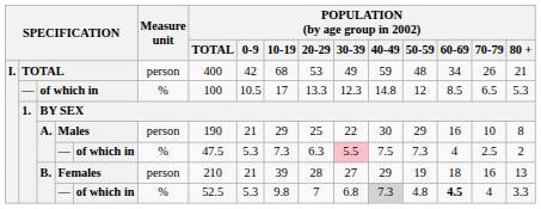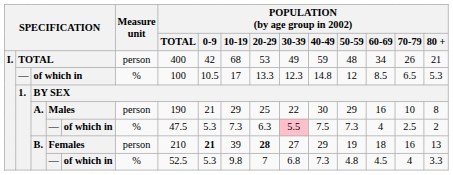 <table class="wikitable" style="font-size:85%; text-align:center">
 <tr>
 <th rowspan="2" colspan="5">SPECIFICATION</th>
 <th rowspan="2">Measure<br> unit</th>
 <th colspan="10" rowspan="1">POPULATION<br> (by age group in 2002)</th>
 </tr>
 <tr>
 <th>TOTAL</th>
 <th>0-9</th>
 <th>10-19</th>
 <th>20-29</th>
 <th>30-39</th>
 <th>40-49</th>
 <th>50-59</th>
 <th>60-69</th>
 <th>70-79</th>
 <th>80 +</th>
 </tr>
 <tr>
 <th style="text-align:left" valign="top" rowspan="7">I.</th>
 <th style="text-align:left" colspan="4">TOTAL</th>
 <td>person</td>
 <td>400</td>
 <td>42</td>
 <td>68</td>
 <td>53</td>
 <td>49</td>
 <td>59</td>
 <td>48</td>
 <td>34</td>
 <td>26</td>
 <td>21</td>
 </tr>
 <tr>
 <th style="text-align:left" valign="top">—</th>
 <th style="text-align:left" colspan="3">of which in</th>
 <td>%</td>
 <td>100</td>
 <td>10.5</td>
 <td>17</td>
 <td>13.3</td>
 <td>12.3</td>
 <td>14.8</td>
 <td>12</td>
 <td>8.5</td>
 <td>6.5</td>
 <td>5.3</td>
 </tr>
 <tr>
 <th style="text-align:left" valign="top" rowspan="5">1.</th>
 <th style="text-align:left" colspan="14">BY SEX</th>
 </tr>
 <tr>
 <th style="text-align:left" valign="top" rowspan="2">A.</th>
 <th style="text-align:left" colspan="2">Males</th>
 <td>person</td>
 <td>190</td>
 <td>21</td>
 <td>29</td>
 <td>25</td>
 <td>22</td>
 <td>30</td>
 <td>29</td>
 <td>16</td>
 <td>10</td>
 <td>8</td>
 </tr>
 <tr>
 <th style="text-align:left" valign="top">—</th>
 <th style="text-align:left" colspan="1">of which in</th>
 <td>%</td>
 <td>47.5</td>
 <td>5.3</td>
 <td>7.3</td>
 <td>6.3</td>
 <td style="background: pink;">5.5</td>
 <td>7.5</td>
 <td>7.3</td>
 <td>4</td>
 <td>2.5</td>
 <td>2</td>
 </tr>
 <tr>
 <th style="text-align:left" valign="top" rowspan="2">B.</th>
 <th style="text-align:left" colspan="2">Females</th>
 <td>person</td>
 <td>210</td>
-<td>21</td>
+<td><strong>21</strong></td>
 <td>39</td>
-<td>28</td>
+<td><strong>28</strong></td>
 <td>27</td>
 <td>29</td>
 <td>19</td>
 <td>18</td>
 <td>16</td>
 <td>13</td>
 </tr>
 <tr>
 <th style="text-align:left" valign="top">—</th>
 <th style="text-align:left" colspan="1">of which in</th>
 <td>%</td>
 <td>52.5</td>
 <td>5.3</td>
 <td>9.8</td>
 <td>7</td>
 <td>6.8</td>
-<td style="background: lightgrey;">7.3</td>
+<td>7.3</td>
 <td>4.8</td>
-<td><strong>4.5</strong></td>
+<td>4.5</td>
 <td>4</td>
 <td>3.3</td>
 </tr>
 </table>
